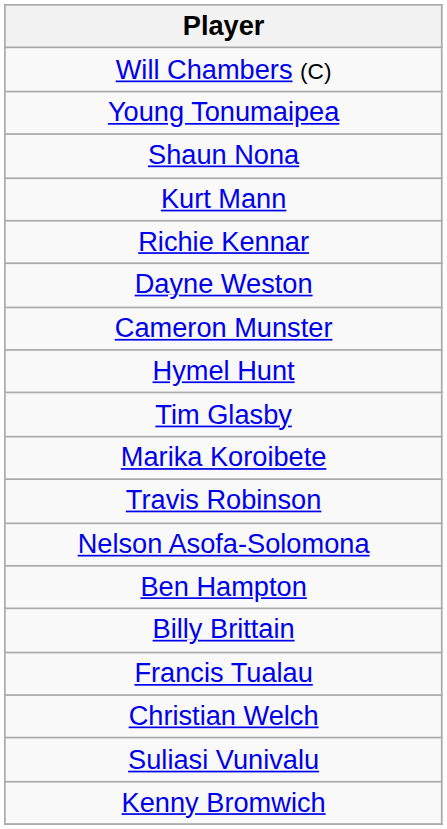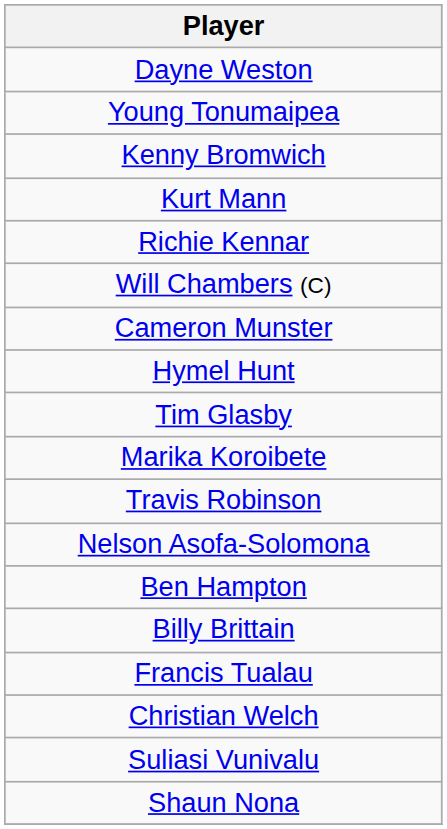 <table class="wikitable" style="text-align: center;">
 <tr>
 <th style="width:250px;">Player</th>
 </tr>
 <tr>
-<td><a href='#'>Will Chambers</a> <small>(C)</small></td>
+<td><a href='#'>Dayne Weston</a></td>
 </tr>
 <tr>
 <td><a href='#'>Young Tonumaipea</a></td>
 </tr>
 <tr>
-<td><a href='#'>Shaun Nona</a></td>
+<td><a href='#'>Kenny Bromwich</a></td>
 </tr>
 <tr>
 <td><a href='#'>Kurt Mann</a></td>
 </tr>
 <tr>
 <td><a href='#'>Richie Kennar</a></td>
 </tr>
 <tr>
-<td><a href='#'>Dayne Weston</a></td>
+<td><a href='#'>Will Chambers</a> <small>(C)</small></td>
 </tr>
 <tr>
 <td><a href='#'>Cameron Munster</a></td>
 </tr>
 <tr>
 <td><a href='#'>Hymel Hunt</a></td>
 </tr>
 <tr>
 <td><a href='#'>Tim Glasby</a></td>
 </tr>
 <tr>
 <td><a href='#'>Marika Koroibete</a></td>
 </tr>
 <tr>
 <td><a href='#'>Travis Robinson</a></td>
 </tr>
 <tr>
 <td><a href='#'>Nelson Asofa-Solomona</a></td>
 </tr>
 <tr>
 <td><a href='#'>Ben Hampton</a></td>
 </tr>
 <tr>
 <td><a href='#'>Billy Brittain</a></td>
 </tr>
 <tr>
 <td><a href='#'>Francis Tualau</a></td>
 </tr>
 <tr>
 <td><a href='#'>Christian Welch</a></td>
 </tr>
 <tr>
 <td><a href='#'>Suliasi Vunivalu</a></td>
 </tr>
 <tr>
-<td><a href='#'>Kenny Bromwich</a></td>
+<td><a href='#'>Shaun Nona</a></td>
 </tr>
 <tr>
 </tr>
 </table>
